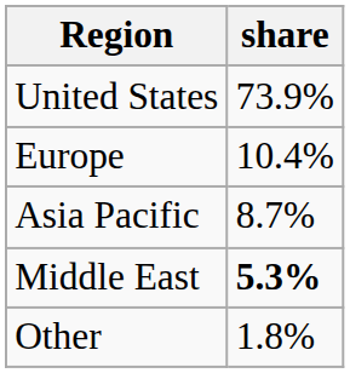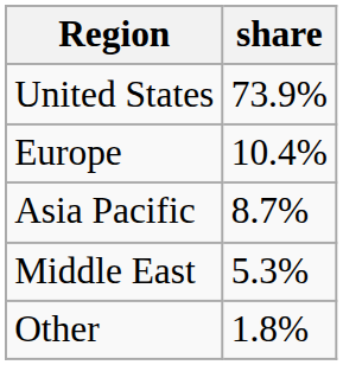 <table class="wikitable floatright">
 <tr>
 <th>Region</th>
 <th>share</th>
 </tr>
 <tr>
 <td>United States</td>
 <td>73.9%</td>
 </tr>
 <tr>
 <td>Europe</td>
 <td>10.4%</td>
 </tr>
 <tr>
 <td>Asia Pacific</td>
 <td>8.7%</td>
 </tr>
 <tr>
 <td>Middle East</td>
-<td><strong>5.3%</strong></td>
+<td>5.3%</td>
 </tr>
 <tr>
 <td>Other</td>
 <td>1.8%</td>
 </tr>
 </table>
